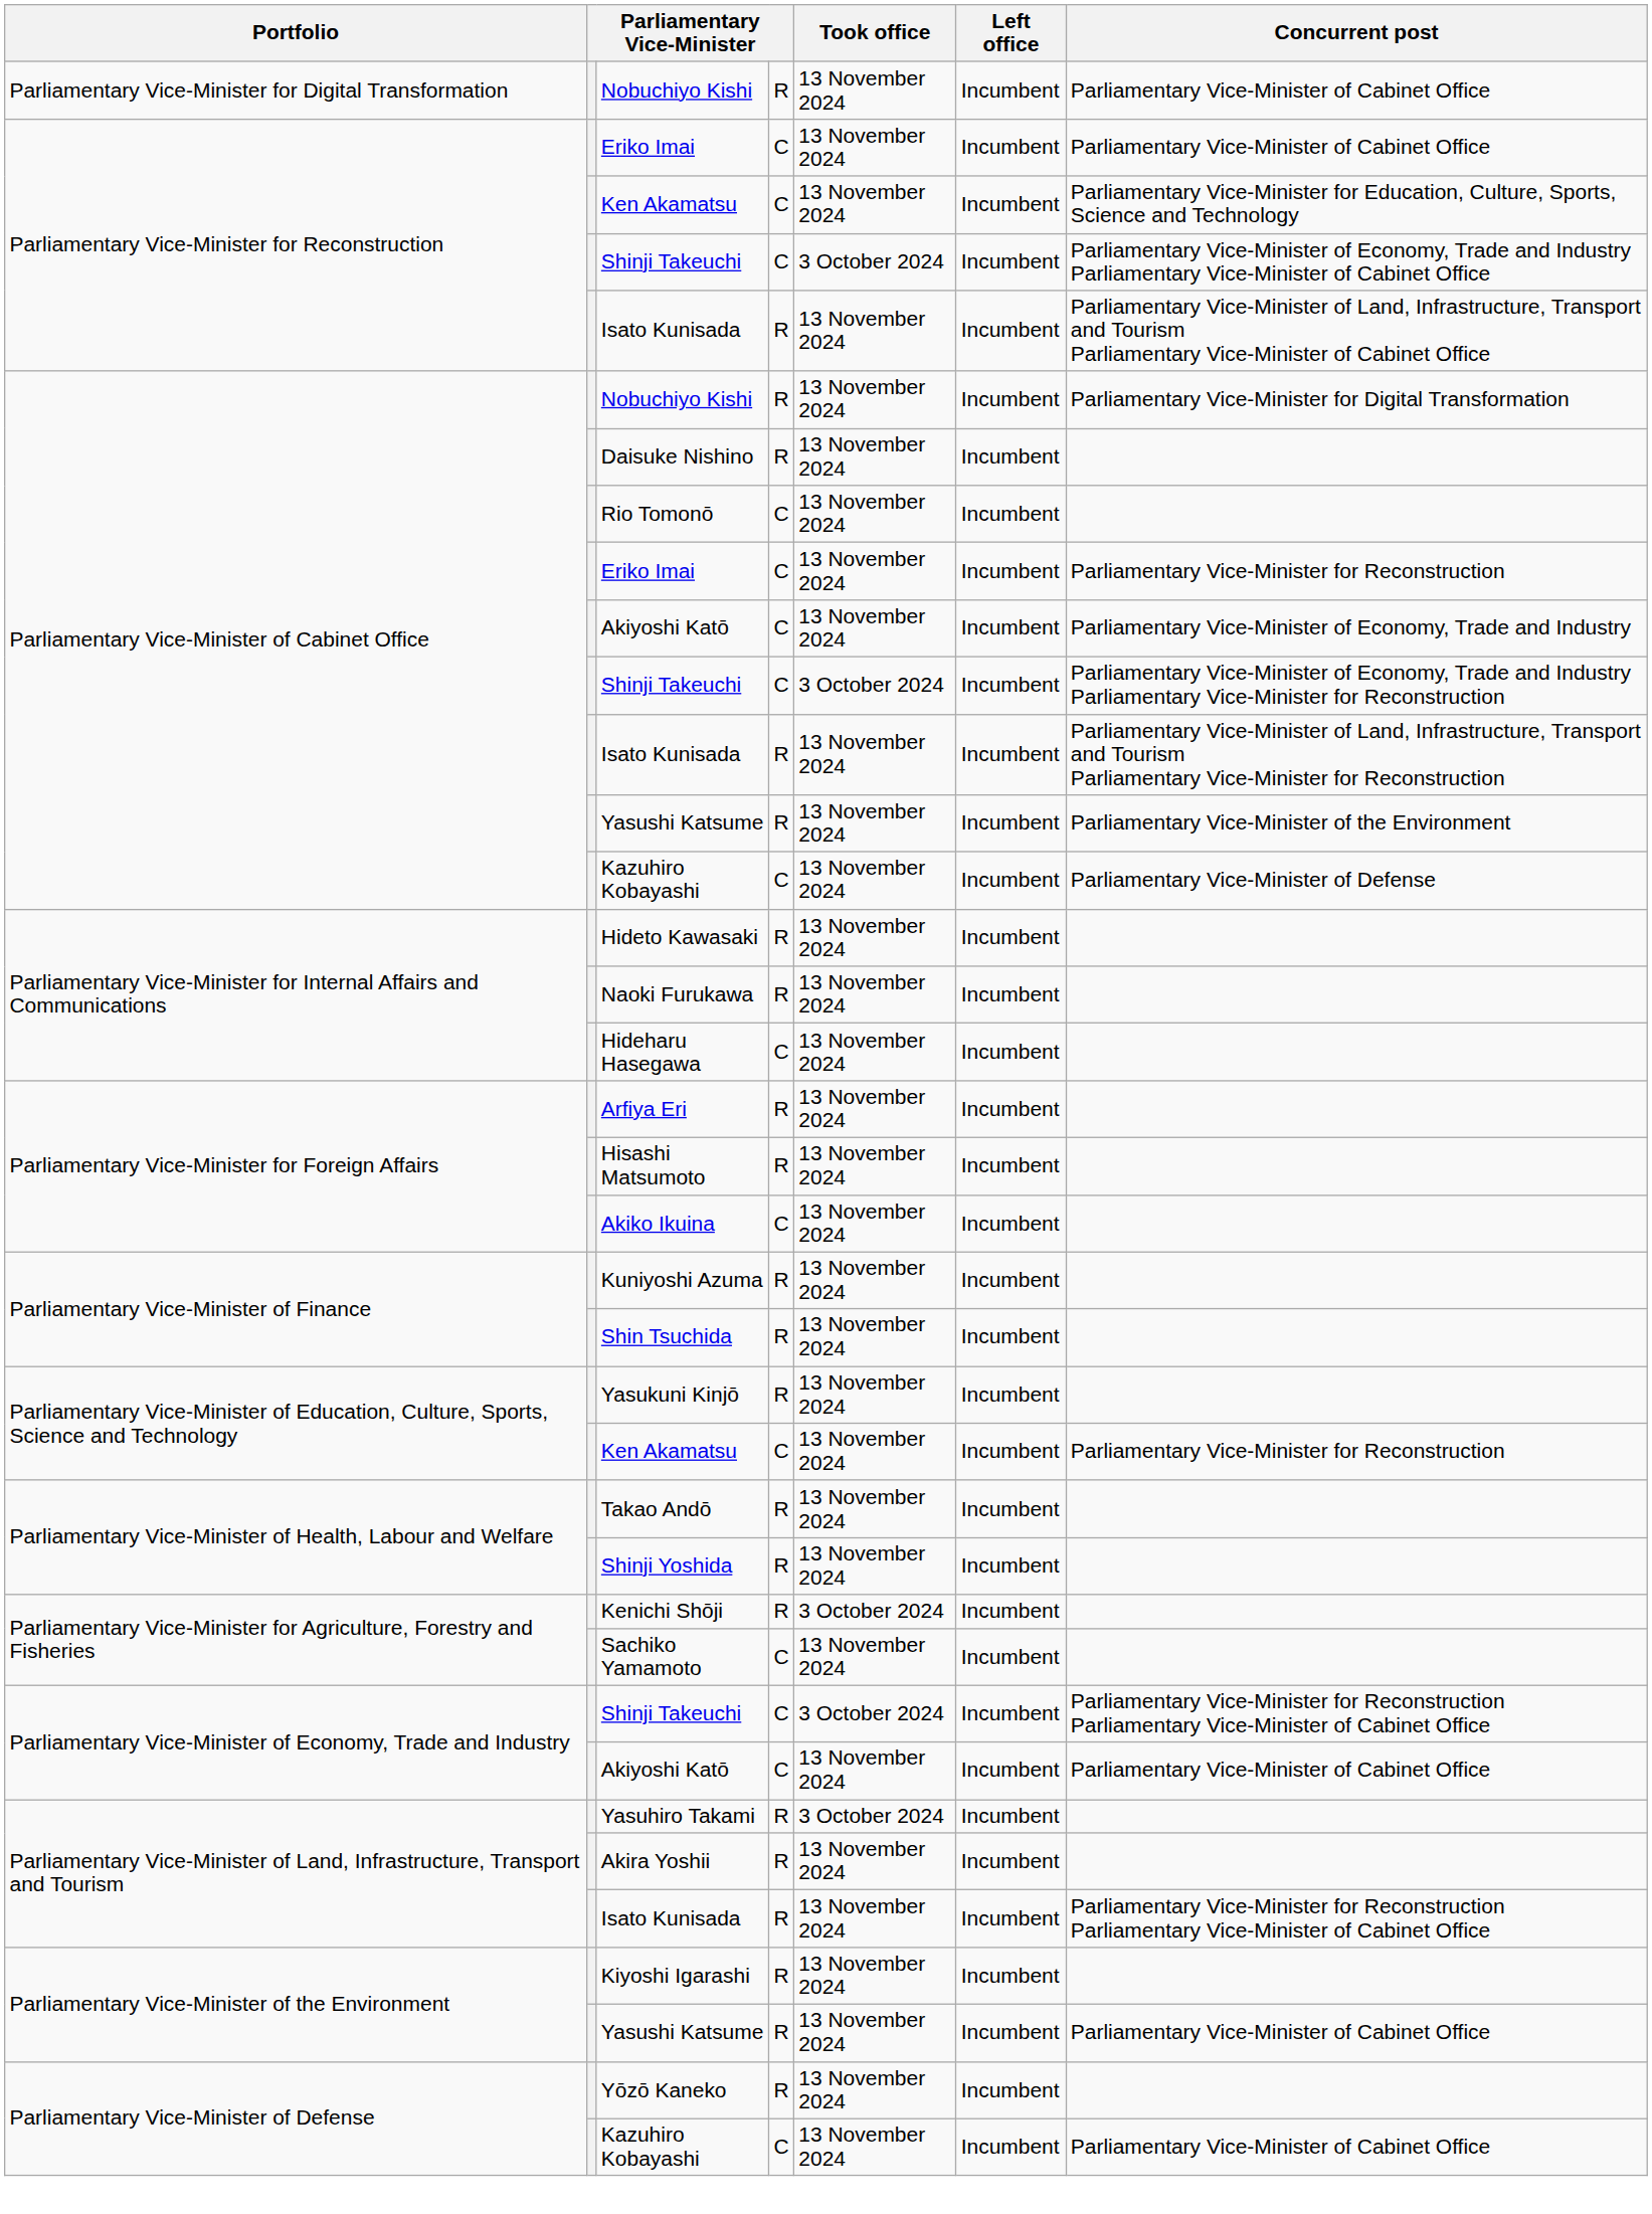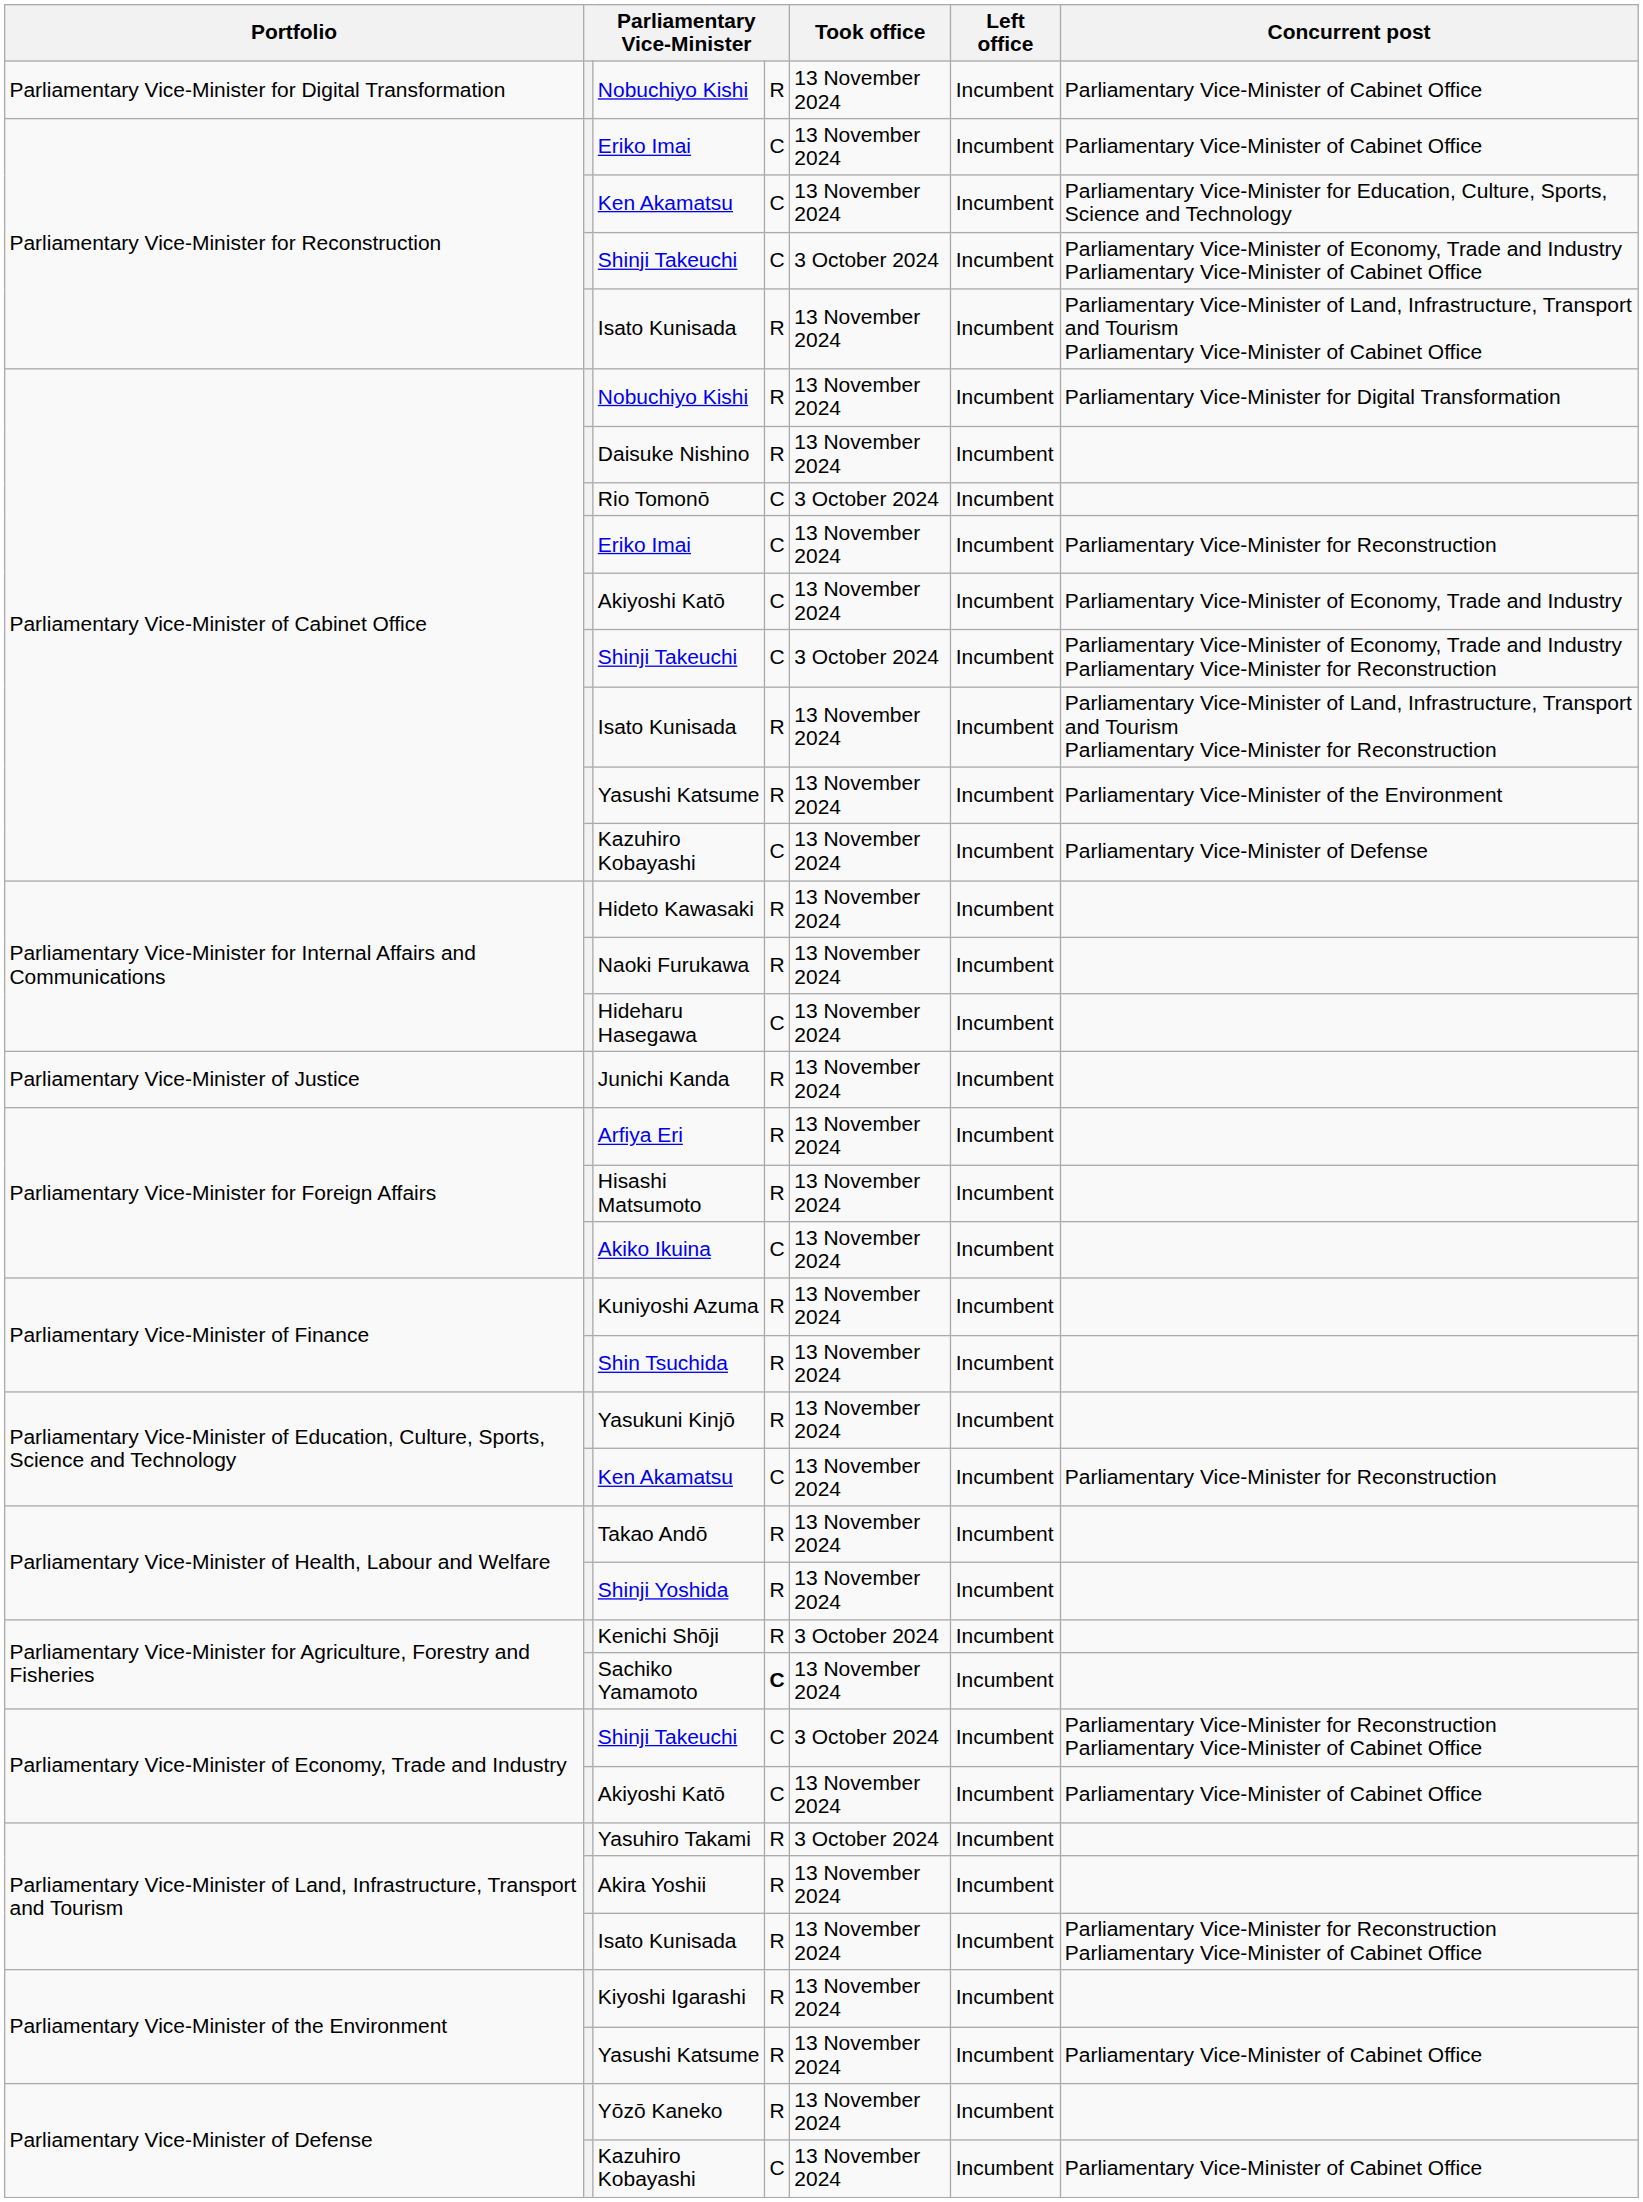 <table class="wikitable">
 <tr>
 <th>Portfolio</th>
 <th colspan="3">Parliamentary<br>Vice-Minister</th>
 <th>Took office</th>
 <th>Left office</th>
 <th>Concurrent post</th>
 </tr>
 <tr>
 <td>Parliamentary Vice-Minister for Digital Transformation</td>
 <th style="color:inherit;background-color: "></th>
 <td><a href='#'>Nobuchiyo Kishi</a></td>
 <td>R</td>
 <td>13 November 2024</td>
 <td>Incumbent</td>
 <td>Parliamentary Vice-Minister of Cabinet Office</td>
 </tr>
 <tr>
 <td rowspan=4>Parliamentary Vice-Minister for Reconstruction</td>
 <th style="color:inherit;background-color: "></th>
 <td><a href='#'>Eriko Imai</a></td>
 <td>C</td>
 <td>13 November 2024</td>
 <td>Incumbent</td>
 <td>Parliamentary Vice-Minister of Cabinet Office</td>
 </tr>
 <tr>
 <th style="color:inherit;background-color: "></th>
 <td><a href='#'>Ken Akamatsu</a></td>
 <td>C</td>
 <td>13 November 2024</td>
 <td>Incumbent</td>
 <td>Parliamentary Vice-Minister for Education, Culture, Sports, Science and Technology</td>
 </tr>
 <tr>
 <th style="color:inherit;background-color: "></th>
 <td><a href='#'>Shinji Takeuchi</a></td>
 <td>C</td>
 <td>3 October 2024</td>
 <td>Incumbent</td>
 <td>Parliamentary Vice-Minister of Economy, Trade and Industry<br>Parliamentary Vice-Minister of Cabinet Office</td>
 </tr>
 <tr>
 <th style="color:inherit;background-color: "></th>
 <td>Isato Kunisada</td>
 <td>R</td>
 <td>13 November 2024</td>
 <td>Incumbent</td>
 <td>Parliamentary Vice-Minister of Land, Infrastructure, Transport and Tourism<br>Parliamentary Vice-Minister of Cabinet Office</td>
 </tr>
 <tr>
 <td rowspan=9>Parliamentary Vice-Minister of Cabinet Office</td>
 <th style="color:inherit;background-color: "></th>
 <td><a href='#'>Nobuchiyo Kishi</a></td>
 <td>R</td>
 <td>13 November 2024</td>
 <td>Incumbent</td>
 <td>Parliamentary Vice-Minister for Digital Transformation</td>
 </tr>
 <tr>
 <th style="color:inherit;background-color: "></th>
 <td>Daisuke Nishino</td>
 <td>R</td>
 <td>13 November 2024</td>
 <td>Incumbent</td>
 <td></td>
 </tr>
 <tr>
 <th style="color:inherit;background-color: "></th>
 <td>Rio Tomonō</td>
 <td>C</td>
-<td>13 November 2024</td>
+<td>3 October 2024</td>
 <td>Incumbent</td>
 <td></td>
 </tr>
 <tr>
 <th style="color:inherit;background-color: "></th>
 <td><a href='#'>Eriko Imai</a></td>
 <td>C</td>
 <td>13 November 2024</td>
 <td>Incumbent</td>
 <td>Parliamentary Vice-Minister for Reconstruction</td>
 </tr>
 <tr>
 <th style="color:inherit;background-color: "></th>
 <td>Akiyoshi Katō</td>
 <td>C</td>
 <td>13 November 2024</td>
 <td>Incumbent</td>
 <td>Parliamentary Vice-Minister of Economy, Trade and Industry</td>
 </tr>
 <tr>
 <th style="color:inherit;background-color: "></th>
 <td><a href='#'>Shinji Takeuchi</a></td>
 <td>C</td>
 <td>3 October 2024</td>
 <td>Incumbent</td>
 <td>Parliamentary Vice-Minister of Economy, Trade and Industry<br>Parliamentary Vice-Minister for Reconstruction</td>
 </tr>
 <tr>
 <th style="color:inherit;background-color: "></th>
 <td>Isato Kunisada</td>
 <td>R</td>
 <td>13 November 2024</td>
 <td>Incumbent</td>
 <td>Parliamentary Vice-Minister of Land, Infrastructure, Transport and Tourism<br>Parliamentary Vice-Minister for Reconstruction</td>
 </tr>
 <tr>
 <th style="color:inherit;background-color: "></th>
 <td>Yasushi Katsume</td>
 <td>R</td>
 <td>13 November 2024</td>
 <td>Incumbent</td>
 <td>Parliamentary Vice-Minister of the Environment</td>
 </tr>
 <tr>
 <th style="color:inherit;background-color: "></th>
 <td>Kazuhiro Kobayashi</td>
 <td>C</td>
 <td>13 November 2024</td>
 <td>Incumbent</td>
 <td>Parliamentary Vice-Minister of Defense</td>
 </tr>
 <tr>
 <td rowspan=3>Parliamentary Vice-Minister for Internal Affairs and Communications</td>
 <th style="color:inherit;background-color: "></th>
 <td>Hideto Kawasaki</td>
 <td>R</td>
 <td>13 November 2024</td>
 <td>Incumbent</td>
 <td></td>
 </tr>
 <tr>
 <th style="color:inherit;background-color: "></th>
 <td>Naoki Furukawa</td>
 <td>R</td>
 <td>13 November 2024</td>
 <td>Incumbent</td>
 <td></td>
 </tr>
 <tr>
 <th style="color:inherit;background-color: "></th>
 <td>Hideharu Hasegawa</td>
 <td>C</td>
+<td>13 November 2024</td>
+<td>Incumbent</td>
+<td></td>
+</tr>
+<tr>
+<td>Parliamentary Vice-Minister of Justice</td>
+<th style="color:inherit;background-color: "></th>
+<td>Junichi Kanda</td>
+<td>R</td>
 <td>13 November 2024</td>
 <td>Incumbent</td>
 <td></td>
 </tr>
 <tr>
 <td rowspan=3>Parliamentary Vice-Minister for Foreign Affairs</td>
 <th style="color:inherit;background-color: "></th>
 <td><a href='#'>Arfiya Eri</a></td>
 <td>R</td>
 <td>13 November 2024</td>
 <td>Incumbent</td>
 <td></td>
 </tr>
 <tr>
 <th style="color:inherit;background-color: "></th>
 <td>Hisashi Matsumoto</td>
 <td>R</td>
 <td>13 November 2024</td>
 <td>Incumbent</td>
 <td></td>
 </tr>
 <tr>
 <th style="color:inherit;background-color: "></th>
 <td><a href='#'>Akiko Ikuina</a></td>
 <td>C</td>
 <td>13 November 2024</td>
 <td>Incumbent</td>
 <td></td>
 </tr>
 <tr>
 <td rowspan=2>Parliamentary Vice-Minister of Finance</td>
 <th style="color:inherit;background-color: "></th>
 <td>Kuniyoshi Azuma</td>
 <td>R</td>
 <td>13 November 2024</td>
 <td>Incumbent</td>
 <td></td>
 </tr>
 <tr>
 <th style="color:inherit;background-color: "></th>
 <td><a href='#'>Shin Tsuchida</a></td>
 <td>R</td>
 <td>13 November 2024</td>
 <td>Incumbent</td>
 <td></td>
 </tr>
 <tr>
 <td rowspan=2>Parliamentary Vice-Minister of Education, Culture, Sports, Science and Technology</td>
 <th style="color:inherit;background-color: "></th>
 <td>Yasukuni Kinjō</td>
 <td>R</td>
 <td>13 November 2024</td>
 <td>Incumbent</td>
 <td></td>
 </tr>
 <tr>
 <th style="color:inherit;background-color: "></th>
 <td><a href='#'>Ken Akamatsu</a></td>
 <td>C</td>
 <td>13 November 2024</td>
 <td>Incumbent</td>
 <td>Parliamentary Vice-Minister for Reconstruction</td>
 </tr>
 <tr>
 <td rowspan=2>Parliamentary Vice-Minister of Health, Labour and Welfare</td>
 <th style="color:inherit;background-color: "></th>
 <td>Takao Andō</td>
 <td>R</td>
 <td>13 November 2024</td>
 <td>Incumbent</td>
 <td></td>
 </tr>
 <tr>
 <th style="color:inherit;background-color: "></th>
 <td><a href='#'>Shinji Yoshida</a></td>
 <td>R</td>
 <td>13 November 2024</td>
 <td>Incumbent</td>
 <td></td>
 </tr>
 <tr>
 <td rowspan=2>Parliamentary Vice-Minister for Agriculture, Forestry and Fisheries</td>
 <th style="color:inherit;background-color: "></th>
 <td>Kenichi Shōji</td>
 <td>R</td>
 <td>3 October 2024</td>
 <td>Incumbent</td>
 <td></td>
 </tr>
 <tr>
 <th style="color:inherit;background-color: "></th>
 <td>Sachiko Yamamoto</td>
-<td>C</td>
+<td><strong>C</strong></td>
 <td>13 November 2024</td>
 <td>Incumbent</td>
 <td></td>
 </tr>
 <tr>
 <td rowspan=2>Parliamentary Vice-Minister of Economy, Trade and Industry</td>
 <th style="color:inherit;background-color: "></th>
 <td><a href='#'>Shinji Takeuchi</a></td>
 <td>C</td>
 <td>3 October 2024</td>
 <td>Incumbent</td>
 <td>Parliamentary Vice-Minister for Reconstruction<br>Parliamentary Vice-Minister of Cabinet Office</td>
 </tr>
 <tr>
 <th style="color:inherit;background-color: "></th>
 <td>Akiyoshi Katō</td>
 <td>C</td>
 <td>13 November 2024</td>
 <td>Incumbent</td>
 <td>Parliamentary Vice-Minister of Cabinet Office</td>
 </tr>
 <tr>
 <td rowspan=3>Parliamentary Vice-Minister of Land, Infrastructure, Transport and Tourism</td>
 <th style="color:inherit;background-color: "></th>
 <td>Yasuhiro Takami</td>
 <td>R</td>
 <td>3 October 2024</td>
 <td>Incumbent</td>
 <td></td>
 </tr>
 <tr>
 <th style="color:inherit;background-color: "></th>
 <td>Akira Yoshii</td>
 <td>R</td>
 <td>13 November 2024</td>
 <td>Incumbent</td>
 <td></td>
 </tr>
 <tr>
 <th style="color:inherit;background-color: "></th>
 <td>Isato Kunisada</td>
 <td>R</td>
 <td>13 November 2024</td>
 <td>Incumbent</td>
 <td>Parliamentary Vice-Minister for Reconstruction<br>Parliamentary Vice-Minister of Cabinet Office</td>
 </tr>
 <tr>
 <td rowspan=2>Parliamentary Vice-Minister of the Environment</td>
 <th style="color:inherit;background-color: "></th>
 <td>Kiyoshi Igarashi</td>
 <td>R</td>
 <td>13 November 2024</td>
 <td>Incumbent</td>
 <td></td>
 </tr>
 <tr>
 <th style="color:inherit;background-color: "></th>
 <td>Yasushi Katsume</td>
 <td>R</td>
 <td>13 November 2024</td>
 <td>Incumbent</td>
 <td>Parliamentary Vice-Minister of Cabinet Office</td>
 </tr>
 <tr>
 <td rowspan=2>Parliamentary Vice-Minister of Defense</td>
 <th style="color:inherit;background-color: "></th>
 <td>Yōzō Kaneko</td>
 <td>R</td>
 <td>13 November 2024</td>
 <td>Incumbent</td>
 <td></td>
 </tr>
 <tr>
 <th style="color:inherit;background-color: "></th>
 <td>Kazuhiro Kobayashi</td>
 <td>C</td>
 <td>13 November 2024</td>
 <td>Incumbent</td>
 <td>Parliamentary Vice-Minister of Cabinet Office</td>
 </tr>
 </table>
